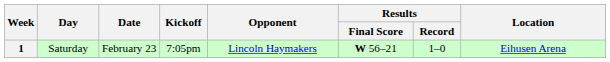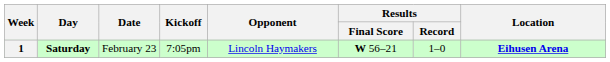 <table class="wikitable">
 <tr>
 <th rowspan="2" width="40">Week</th>
 <th rowspan="2" width="80">Day</th>
 <th rowspan="2" width="80">Date</th>
 <th rowspan="2" width="60">Kickoff</th>
 <th rowspan="2" width="180">Opponent</th>
 <th colspan="2" width="160">Results</th>
 <th rowspan="2" width="200">Location</th>
 </tr>
 <tr>
 <th width="100">Final Score</th>
 <th width="60">Record</th>
 </tr>
 <tr align="center" bgcolor="#CCFFCC">
 <th>1</th>
-<td>Saturday</td>
+<td><strong>Saturday</strong></td>
 <td>February 23</td>
 <td>7:05pm</td>
 <td><a href='#'>Lincoln Haymakers</a></td>
 <td><strong>W</strong> 56–21</td>
 <td>1–0</td>
-<td><a href='#'>Eihusen Arena</a></td>
+<td><strong><a href='#'>Eihusen Arena</a></strong></td>
 </tr>
 </table>
